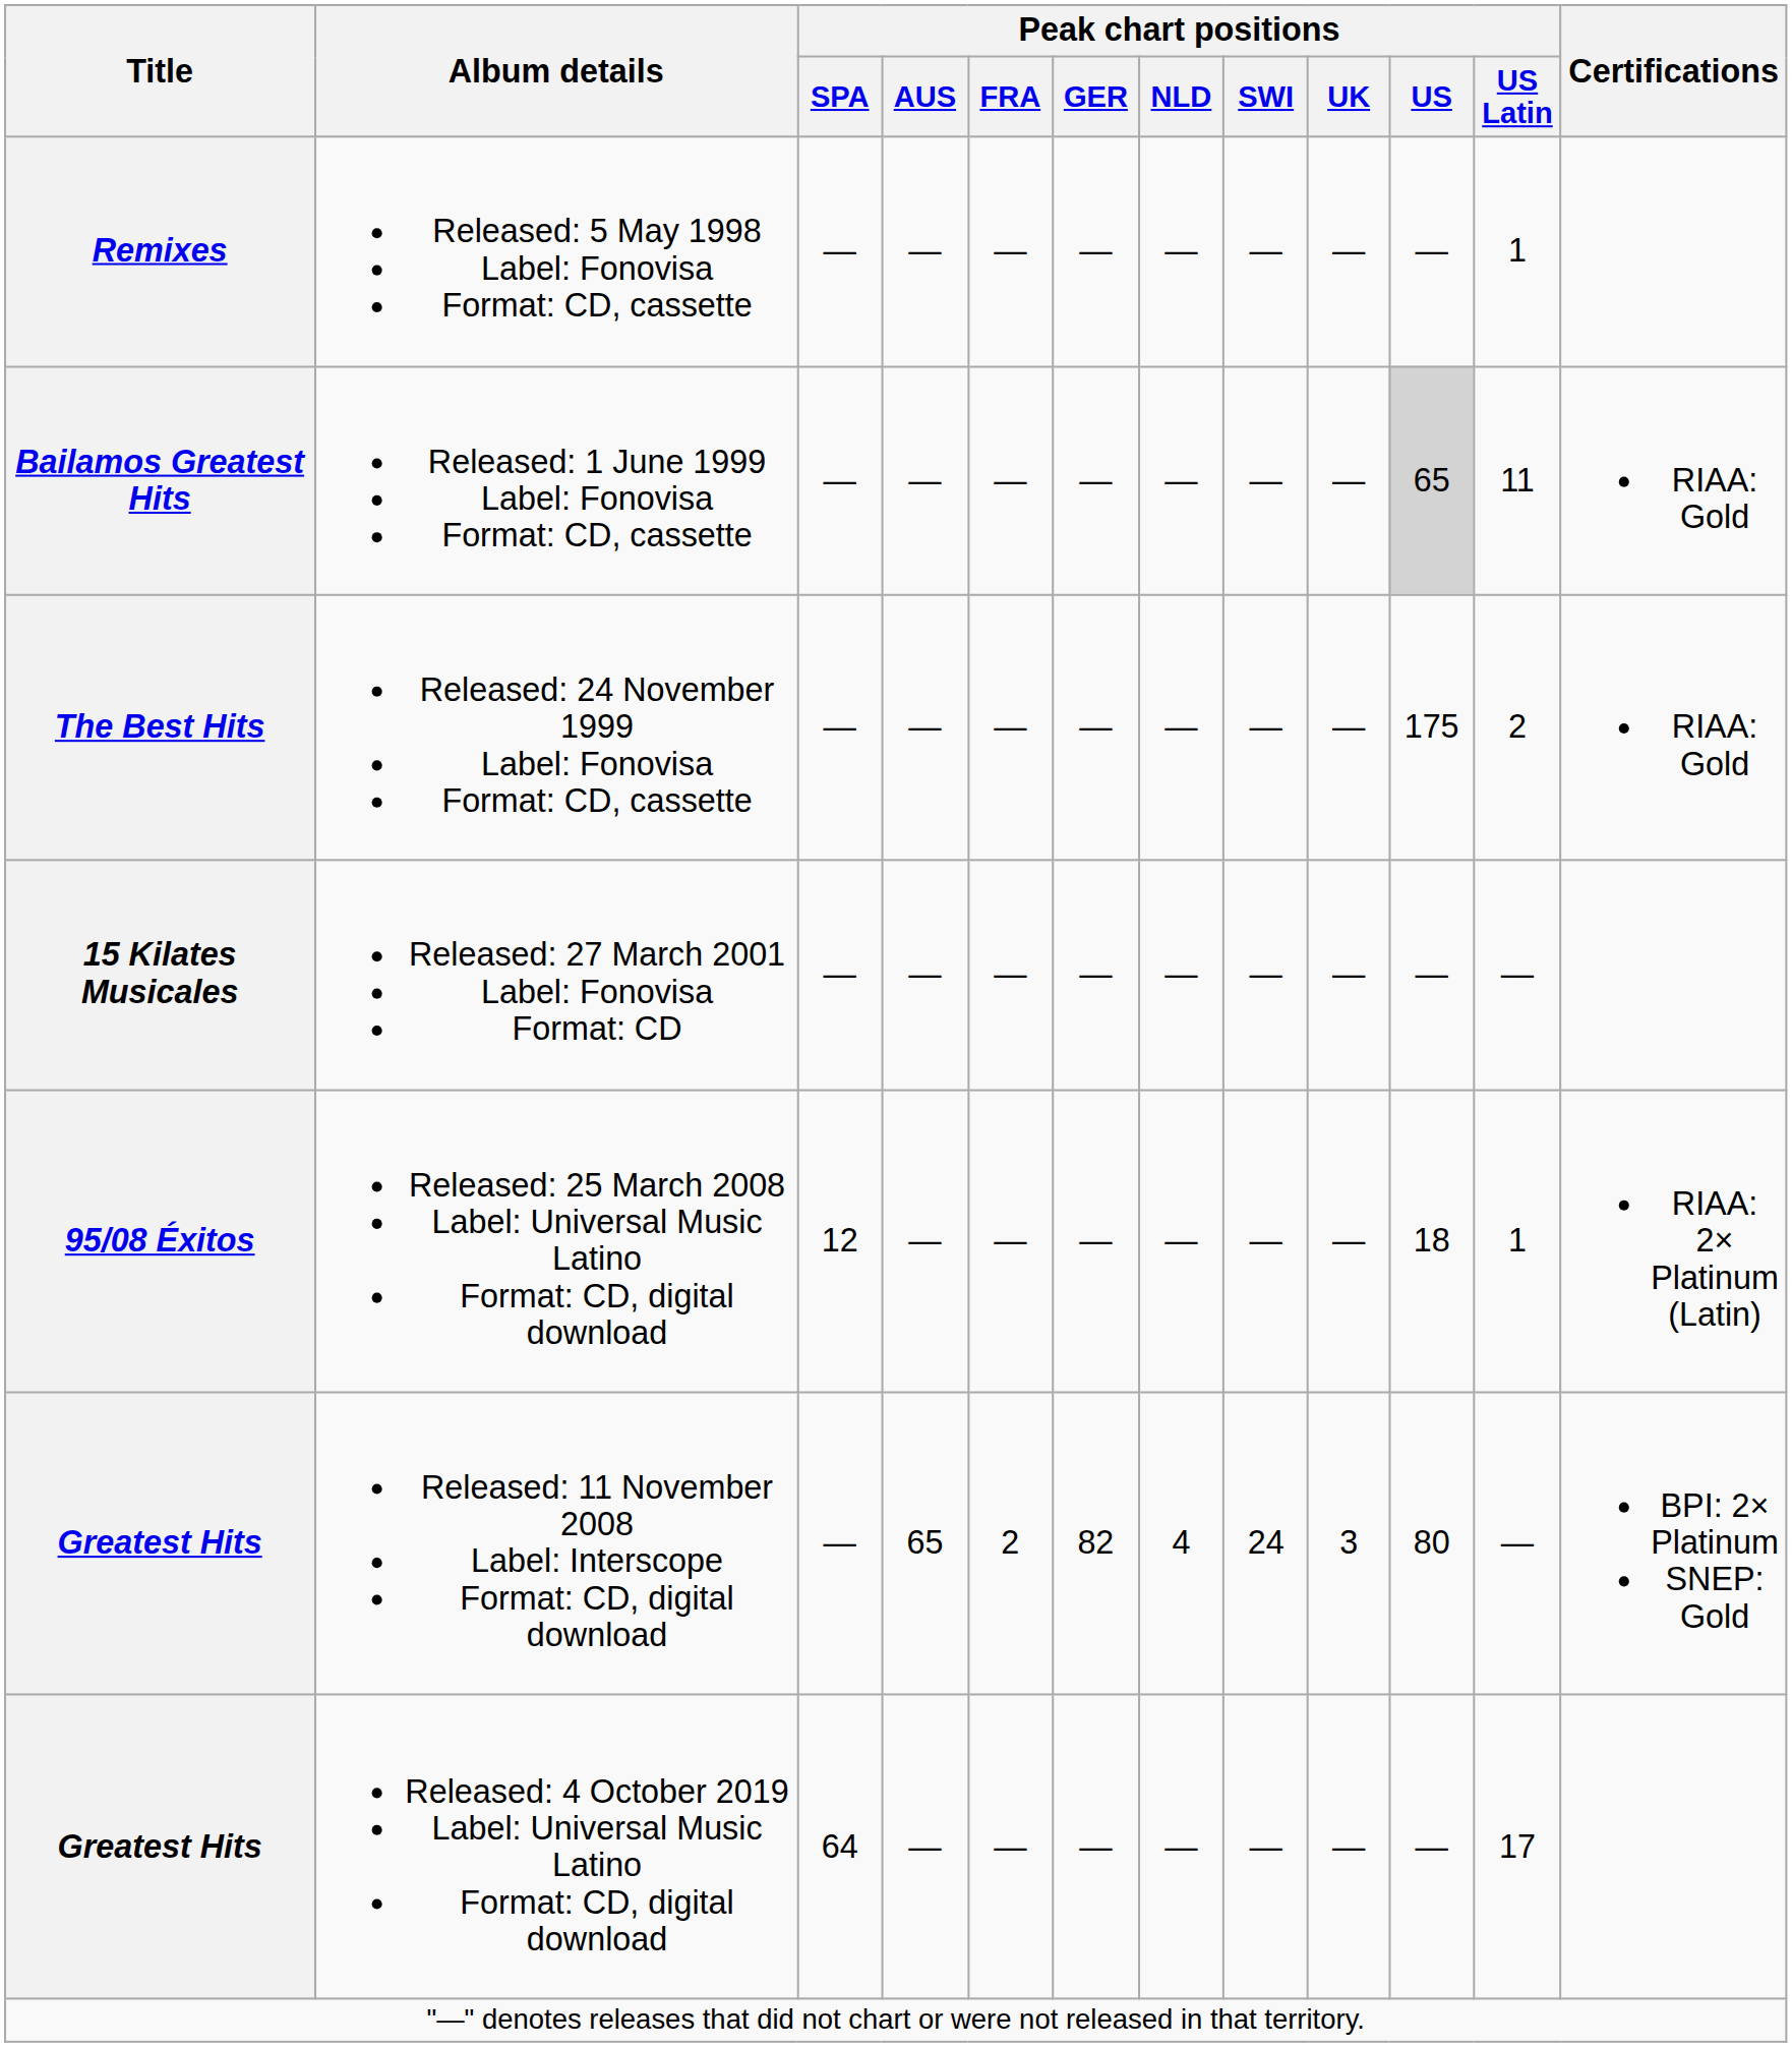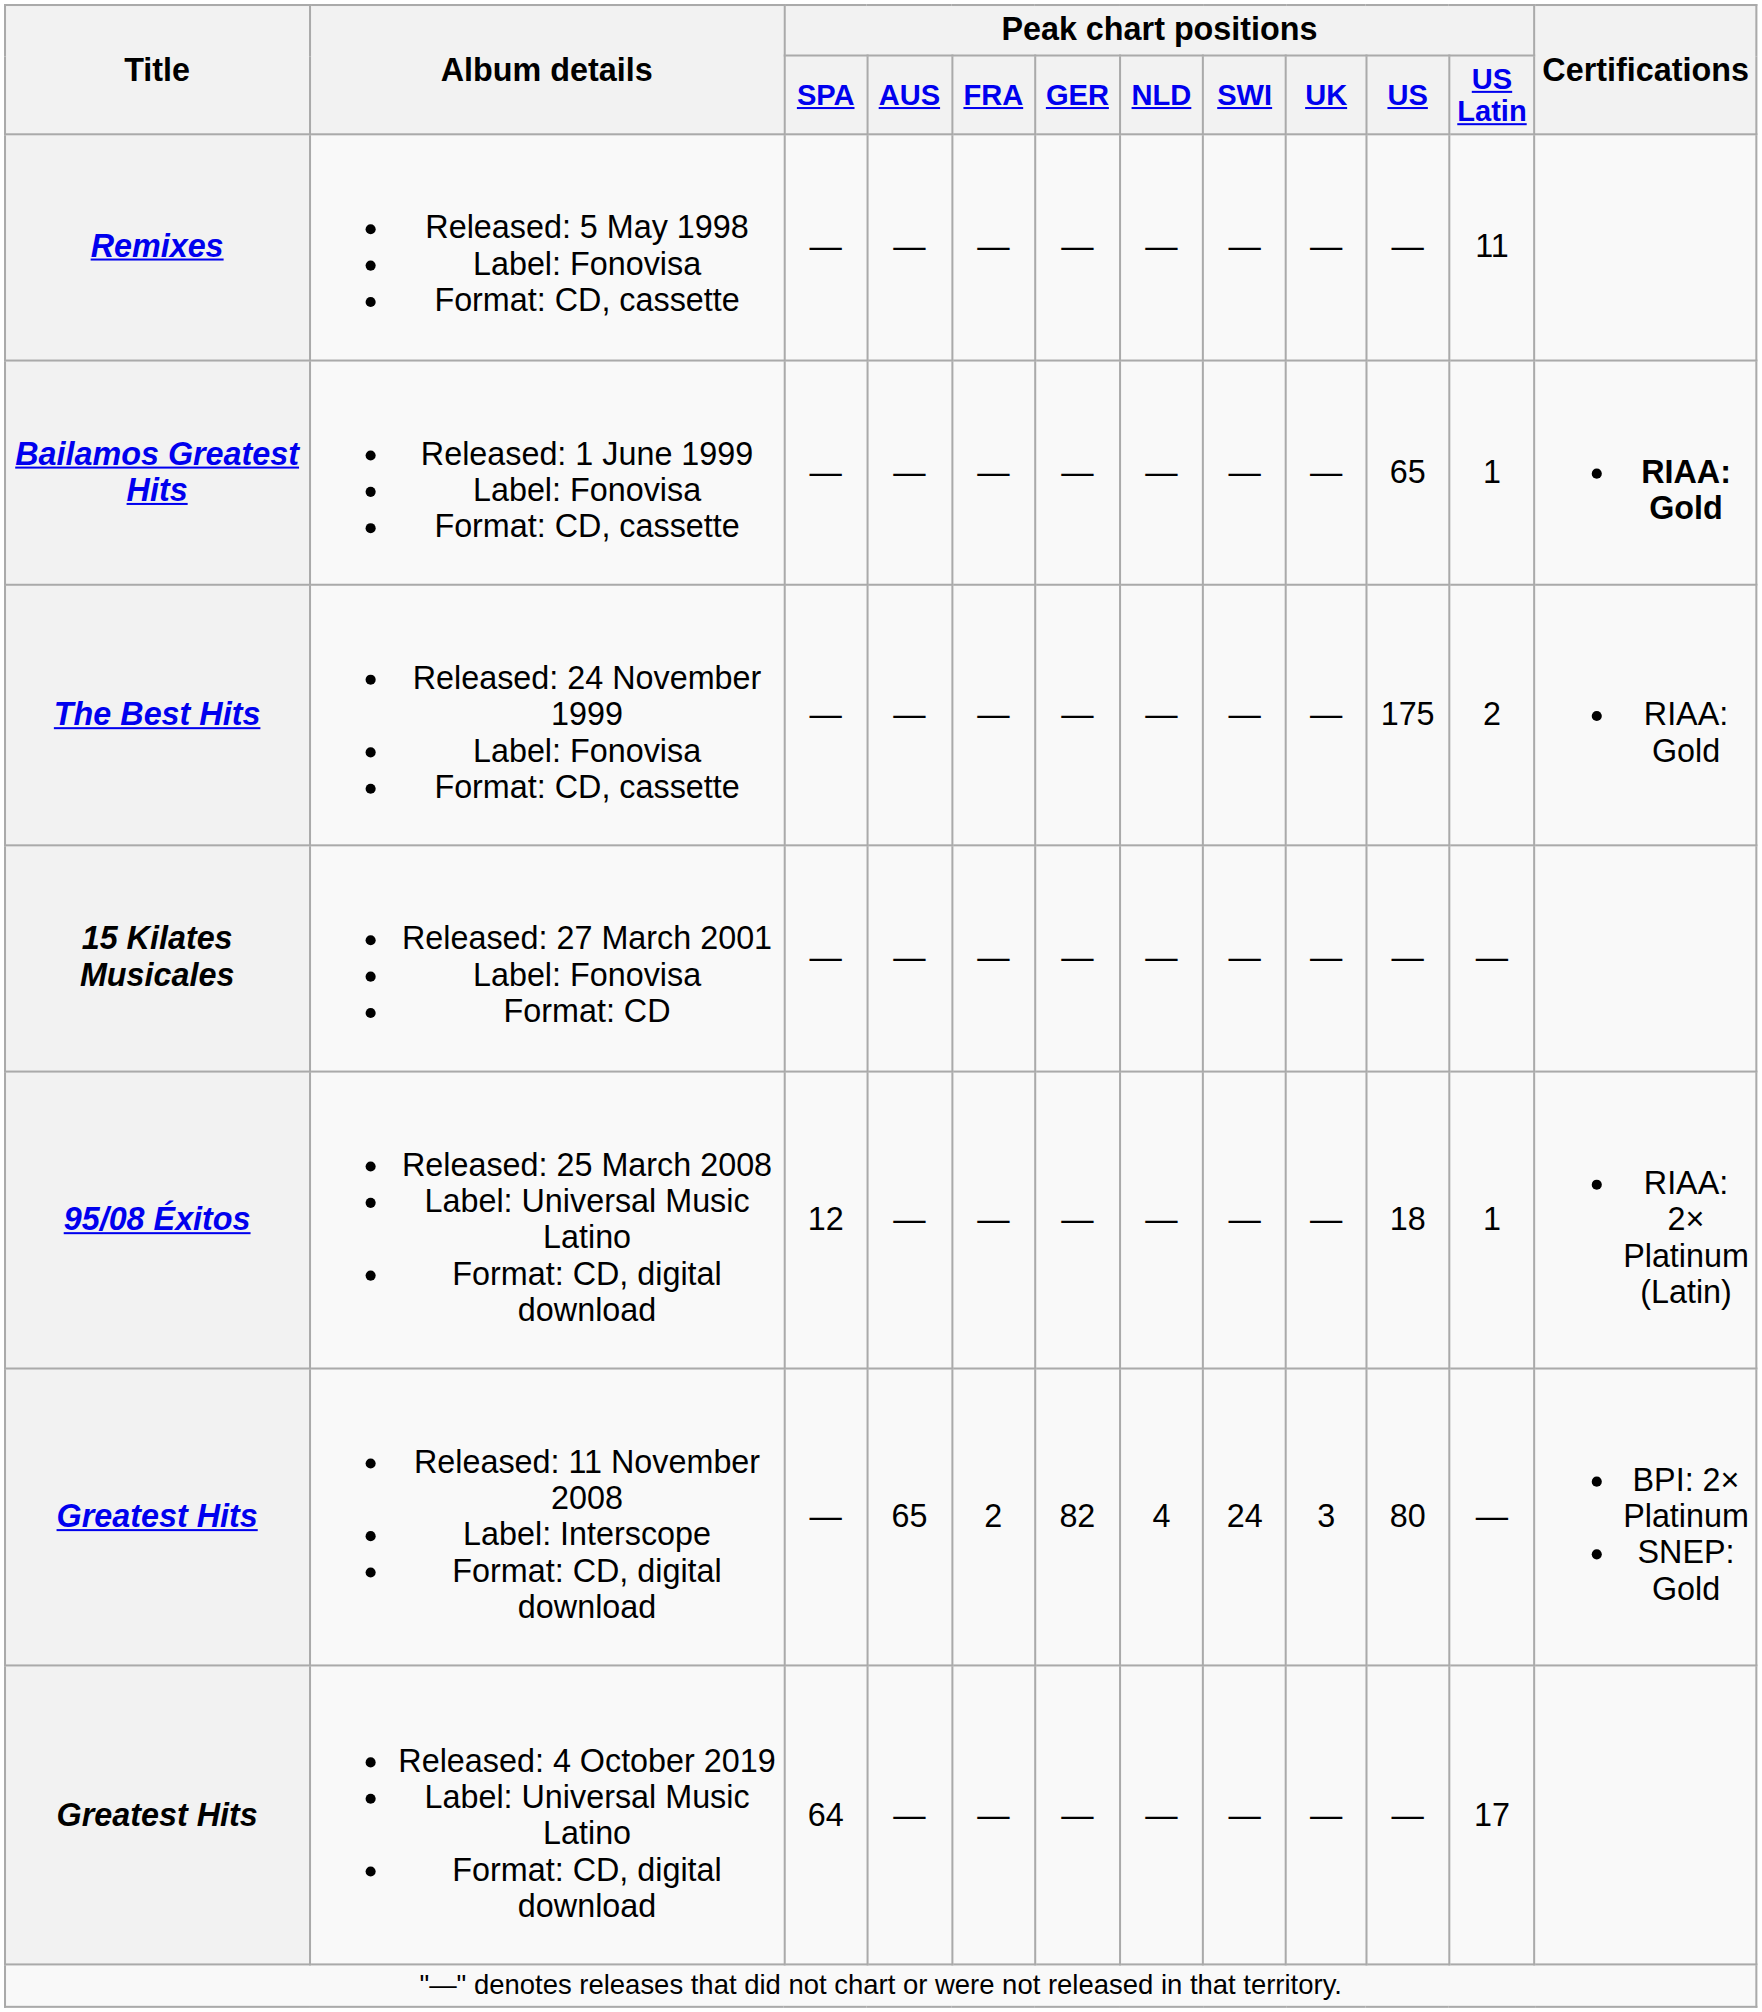 <table class="wikitable plainrowheaders" style="text-align:center;" border="1">
 <tr>
 <th scope="col" rowspan="2" style="width:10em;">Title</th>
 <th scope="col" rowspan="2" style="width:16em;">Album details</th>
 <th scope="col" colspan="9">Peak chart positions</th>
 <th scope="col" rowspan="2">Certifications</th>
 </tr>
 <tr>
 <th scope="col" style="width:2.5em;font-size:90%;"><a href='#'>SPA</a><br></th>
 <th scope="col" style="width:2.5em;font-size:90%;"><a href='#'>AUS</a><br></th>
 <th scope="col" style="width:2.5em;font-size:90%;"><a href='#'>FRA</a><br></th>
 <th scope="col" style="width:2.5em;font-size:90%;"><a href='#'>GER</a><br></th>
 <th scope="col" style="width:2.5em;font-size:90%;"><a href='#'>NLD</a><br></th>
 <th scope="col" style="width:2.5em;font-size:90%;"><a href='#'>SWI</a><br></th>
 <th scope="col" style="width:2.5em;font-size:90%;"><a href='#'>UK</a><br></th>
 <th scope="col" style="width:2.5em;font-size:90%;"><a href='#'>US</a><br></th>
 <th scope="col" style="width:2.5em;font-size:90%;"><a href='#'>US Latin</a><br></th>
 </tr>
 <tr>
 <th scope="row"><em><a href='#'>Remixes</a></em></th>
 <td><br><ul><li>Released: 5 May 1998</li><li>Label: Fonovisa</li><li>Format: CD, cassette</li></ul></td>
 <td>—</td>
 <td>—</td>
 <td>—</td>
 <td>—</td>
 <td>—</td>
 <td>—</td>
 <td>—</td>
 <td>—</td>
-<td>1</td>
+<td>11</td>
 <td></td>
 </tr>
 <tr>
 <th scope="row"><em><a href='#'>Bailamos Greatest Hits</a></em></th>
 <td><br><ul><li>Released: 1 June 1999</li><li>Label: Fonovisa</li><li>Format: CD, cassette</li></ul></td>
 <td>—</td>
 <td>—</td>
 <td>—</td>
 <td>—</td>
 <td>—</td>
 <td>—</td>
 <td>—</td>
-<td style="background: lightgrey;">65</td>
-<td>11</td>
-<td><br><ul><li>RIAA: Gold</li></ul></td>
+<td>65</td>
+<td>1</td>
+<td><strong><br><ul><li>RIAA: Gold</li></ul></strong></td>
 </tr>
 <tr>
 <th scope="row"><em><a href='#'>The Best Hits</a></em></th>
 <td><br><ul><li>Released: 24 November 1999</li><li>Label: Fonovisa</li><li>Format: CD, cassette</li></ul></td>
 <td>—</td>
 <td>—</td>
 <td>—</td>
 <td>—</td>
 <td>—</td>
 <td>—</td>
 <td>—</td>
 <td>175</td>
 <td>2</td>
 <td><br><ul><li>RIAA: Gold</li></ul></td>
 </tr>
 <tr>
 <th scope="row"><em>15 Kilates Musicales</em></th>
 <td><br><ul><li>Released: 27 March 2001</li><li>Label: Fonovisa</li><li>Format: CD</li></ul></td>
 <td>—</td>
 <td>—</td>
 <td>—</td>
 <td>—</td>
 <td>—</td>
 <td>—</td>
 <td>—</td>
 <td>—</td>
 <td>—</td>
 <td></td>
 </tr>
 <tr>
 <th scope="row"><em><a href='#'>95/08 Éxitos</a></em></th>
 <td><br><ul><li>Released: 25 March 2008</li><li>Label: Universal Music Latino</li><li>Format: CD, digital download</li></ul></td>
 <td>12</td>
 <td>—</td>
 <td>—</td>
 <td>—</td>
 <td>—</td>
 <td>—</td>
 <td>—</td>
 <td>18</td>
 <td>1</td>
 <td><br><ul><li>RIAA: 2× Platinum (Latin)</li></ul></td>
 </tr>
 <tr>
 <th scope="row"><em><a href='#'>Greatest Hits</a></em></th>
 <td><br><ul><li>Released: 11 November 2008</li><li>Label: Interscope</li><li>Format: CD, digital download</li></ul></td>
 <td>—</td>
 <td>65</td>
 <td>2</td>
 <td>82</td>
 <td>4</td>
 <td>24</td>
 <td>3</td>
 <td>80</td>
 <td>—</td>
 <td><br><ul><li>BPI: 2× Platinum</li><li>SNEP: Gold</li></ul></td>
 </tr>
 <tr>
 <th scope="row"><em>Greatest Hits</em></th>
 <td><br><ul><li>Released: 4 October 2019</li><li>Label: Universal Music Latino</li><li>Format: CD, digital download</li></ul></td>
 <td>64</td>
 <td>—</td>
 <td>—</td>
 <td>—</td>
 <td>—</td>
 <td>—</td>
 <td>—</td>
 <td>—</td>
 <td>17</td>
 <td></td>
 </tr>
 <tr>
 <td align="center" colspan="15" style="font-size:85%">"—" denotes releases that did not chart or were not released in that territory.</td>
 </tr>
 </table>
